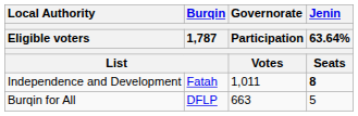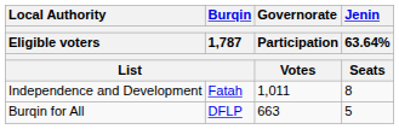 <table class="wikitable">
 <tr>
 <th style="text-align:left;">Local Authority</th>
 <th style="text-align:left;"><a href='#'>Burqin</a></th>
 <th style="text-align:left;">Governorate</th>
 <th style="text-align:left;"><a href='#'>Jenin</a></th>
 </tr>
 <tr>
 <th colspan=4></th>
 </tr>
 <tr>
 <th style="text-align:left;">Eligible voters</th>
 <th style="text-align:left;">1,787</th>
 <th style="text-align:left;">Participation</th>
 <th style="text-align:left;">63.64%</th>
 </tr>
 <tr>
 <th colspan=4></th>
 </tr>
 <tr>
 <th colspan=2>List</th>
 <th>Votes</th>
 <th>Seats</th>
 </tr>
 <tr>
 <td>Independence and Development</td>
 <td><a href='#'>Fatah</a></td>
 <td>1,011</td>
-<td><strong>8</strong></td>
+<td>8</td>
 </tr>
 <tr>
 <td>Burqin for All</td>
 <td><a href='#'>DFLP</a></td>
 <td>663</td>
 <td>5</td>
 </tr>
 </table>
